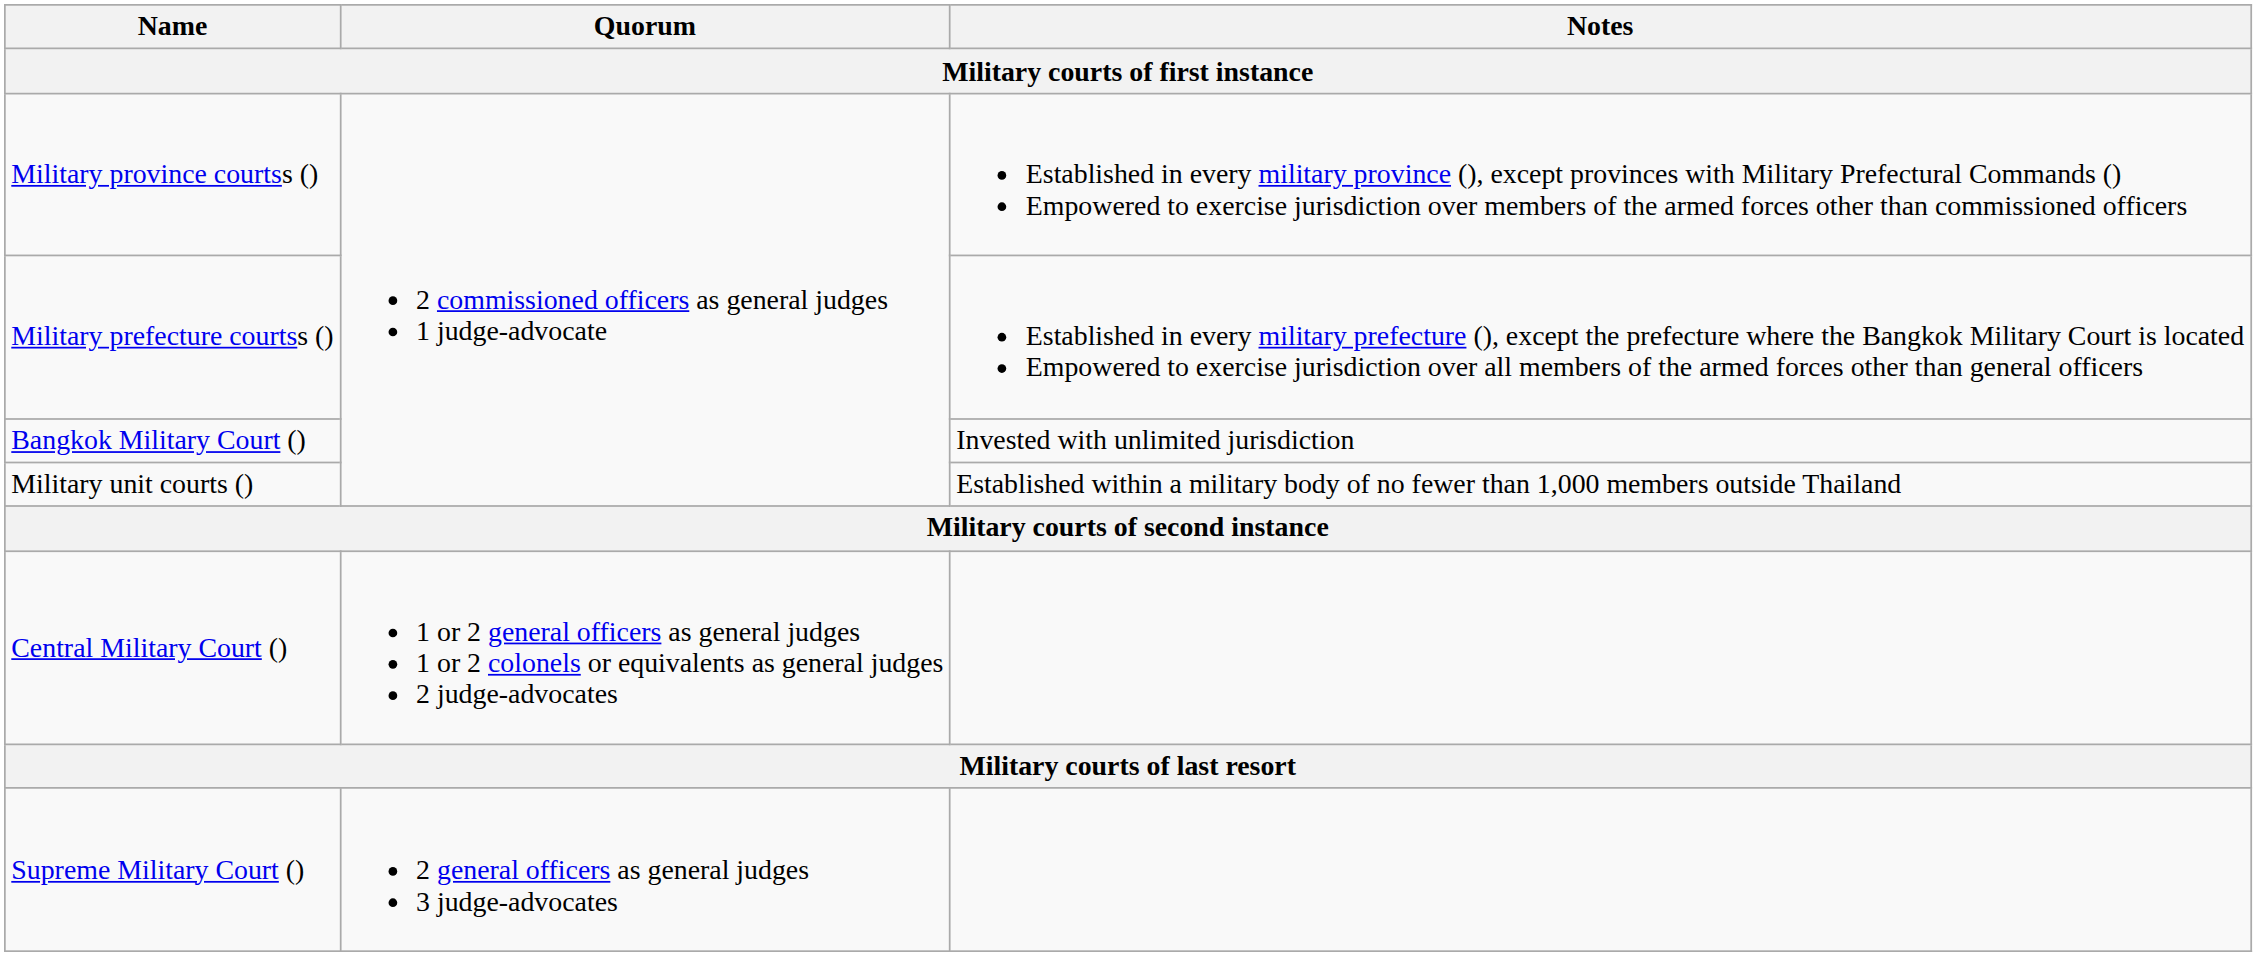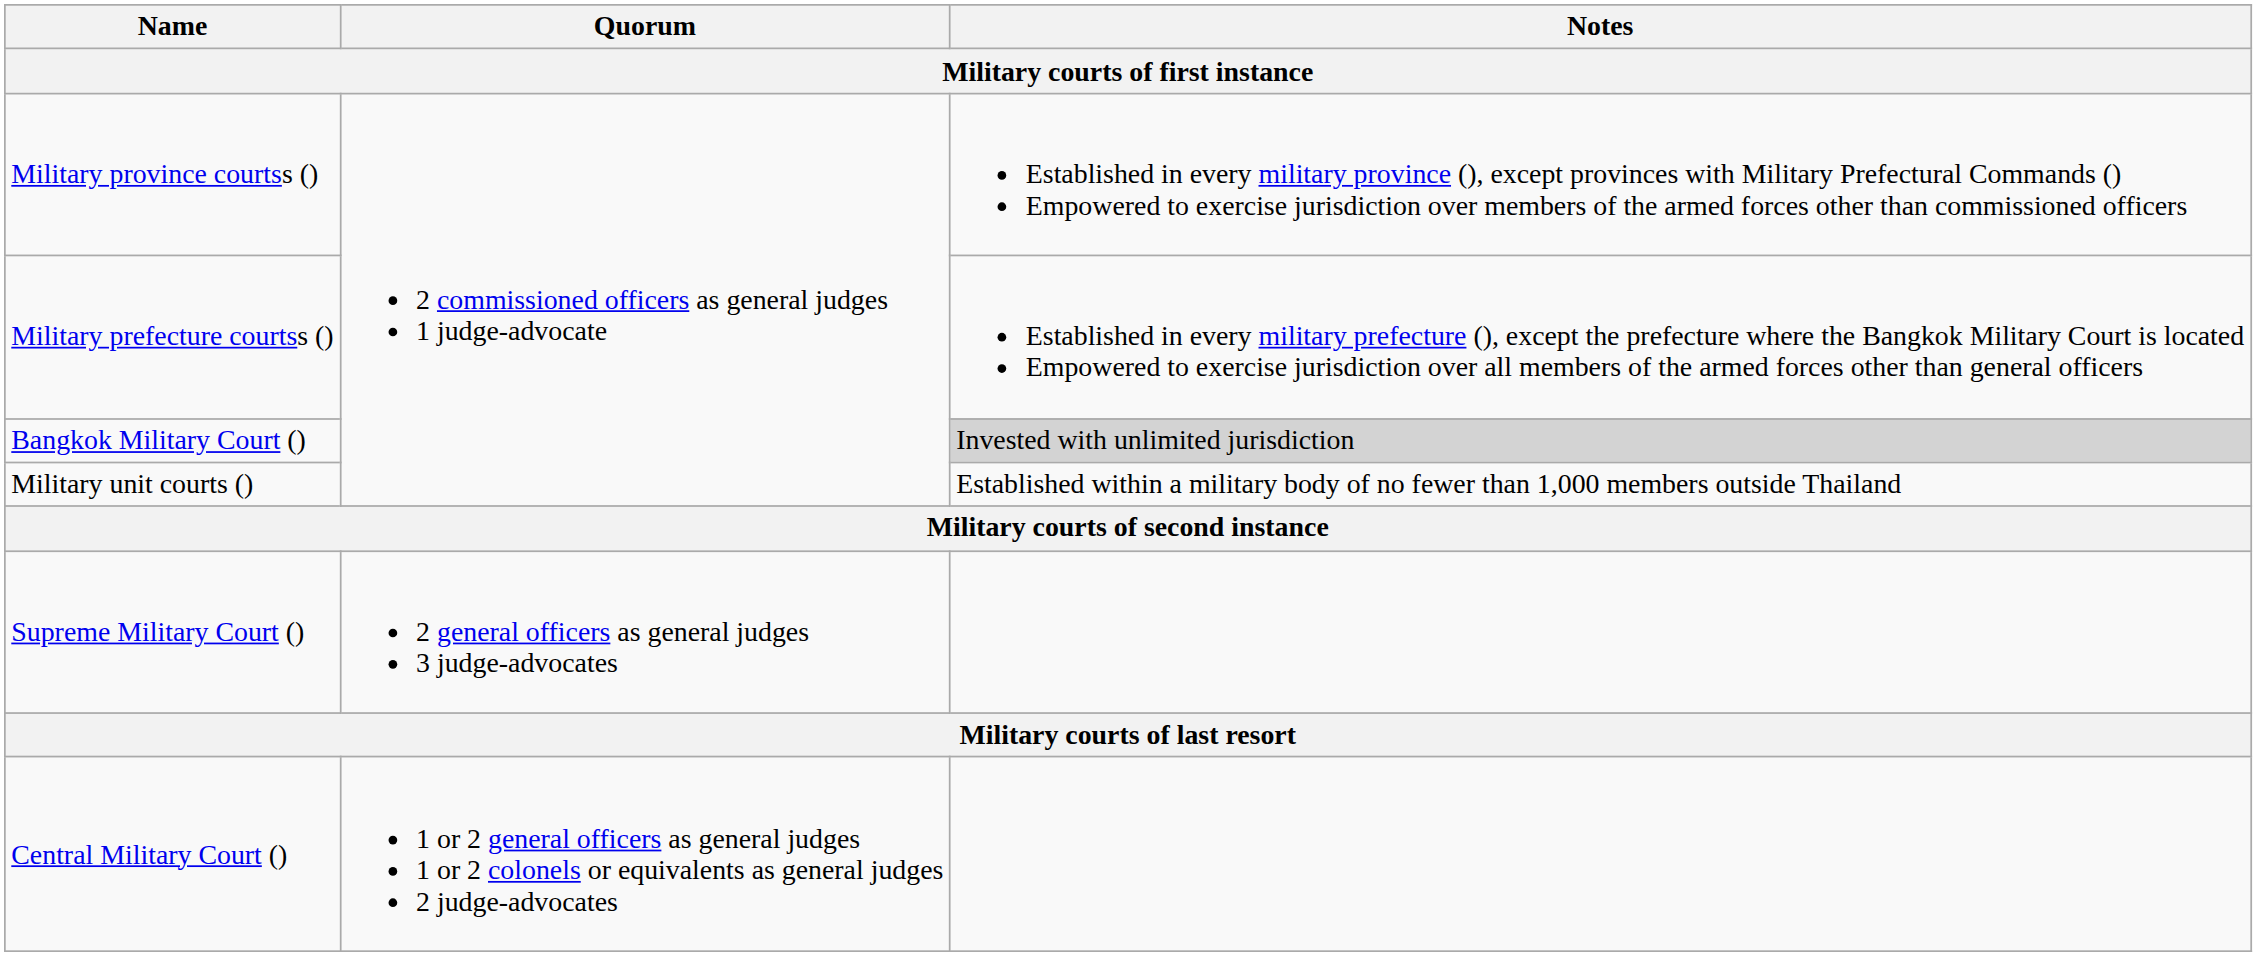 <table class="wikitable">
 <tr>
 <th>Name</th>
 <th>Quorum</th>
 <th>Notes</th>
 </tr>
 <tr>
 <th colspan = 3>Military courts of first instance</th>
 </tr>
 <tr>
 <td><a href='#'>Military province courts</a>s ()</td>
 <td rowspan = 4><br><ul><li>2 <a href='#'>commissioned officers</a> as general judges</li><li>1 judge-advocate</li></ul></td>
 <td><br><ul><li>Established in every <a href='#'>military province</a> (), except provinces with Military Prefectural Commands ()</li><li>Empowered to exercise jurisdiction over members of the armed forces other than commissioned officers</li></ul></td>
 </tr>
 <tr>
 <td><a href='#'>Military prefecture courts</a>s ()</td>
 <td><br><ul><li>Established in every <a href='#'>military prefecture</a> (), except the prefecture where the Bangkok Military Court is located</li><li>Empowered to exercise jurisdiction over all members of the armed forces other than general officers</li></ul></td>
 </tr>
 <tr>
 <td><a href='#'>Bangkok Military Court</a> ()</td>
-<td>Invested with unlimited jurisdiction</td>
+<td style="background: lightgrey;">Invested with unlimited jurisdiction</td>
 </tr>
 <tr>
 <td>Military unit courts ()</td>
 <td>Established within a military body of no fewer than 1,000 members outside Thailand</td>
 </tr>
 <tr>
 <th colspan = 3>Military courts of second instance</th>
 </tr>
 <tr>
-<td><a href='#'>Central Military Court</a> ()</td>
-<td><br><ul><li>1 or 2 <a href='#'>general officers</a> as general judges</li><li>1 or 2 <a href='#'>colonels</a> or equivalents as general judges</li><li>2 judge-advocates</li></ul></td>
+<td><a href='#'>Supreme Military Court</a> ()</td>
+<td><br><ul><li>2 <a href='#'>general officers</a> as general judges</li><li>3 judge-advocates</li></ul></td>
 <td></td>
 </tr>
 <tr>
 <th colspan = 3>Military courts of last resort</th>
 </tr>
 <tr>
-<td><a href='#'>Supreme Military Court</a> ()</td>
-<td><br><ul><li>2 <a href='#'>general officers</a> as general judges</li><li>3 judge-advocates</li></ul></td>
+<td><a href='#'>Central Military Court</a> ()</td>
+<td><br><ul><li>1 or 2 <a href='#'>general officers</a> as general judges</li><li>1 or 2 <a href='#'>colonels</a> or equivalents as general judges</li><li>2 judge-advocates</li></ul></td>
 <td></td>
 </tr>
 <tr>
 </tr>
 </table>
